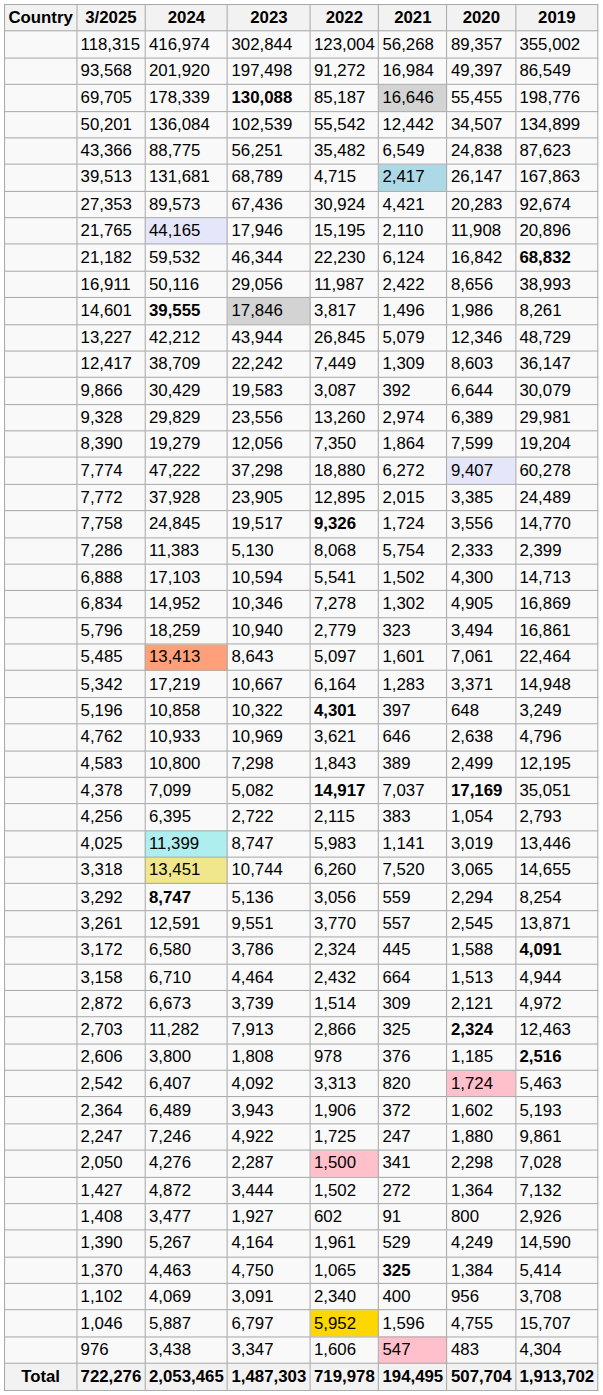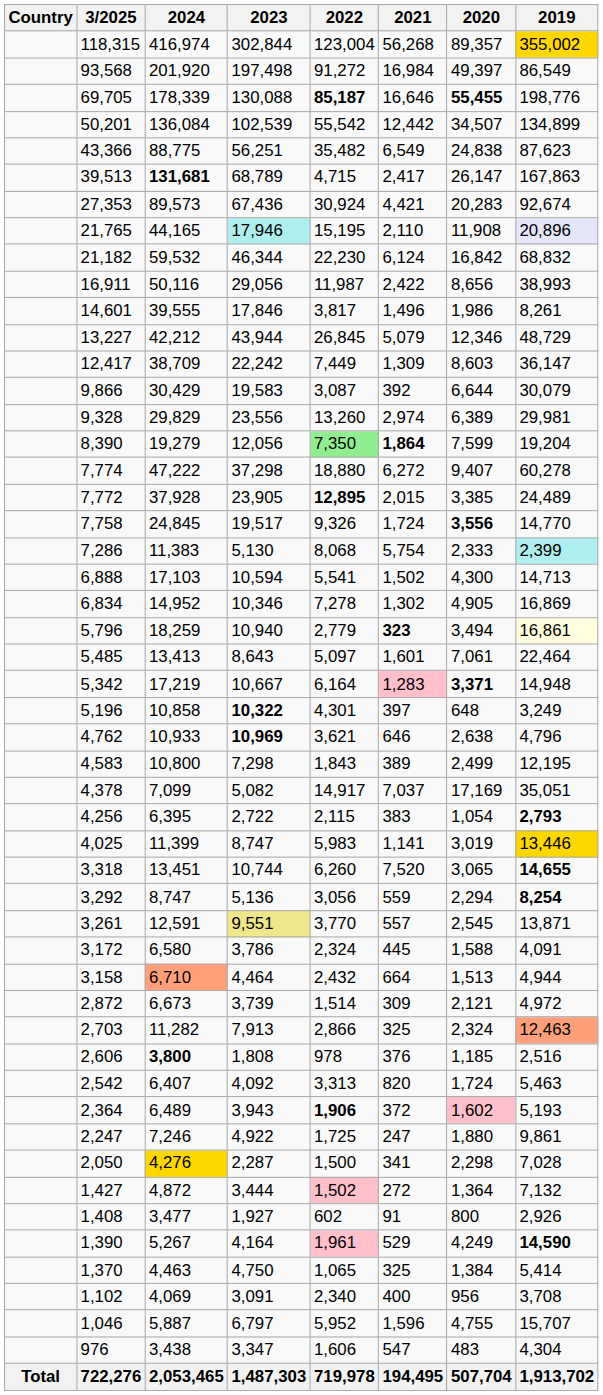 <table class="wikitable sortable static-row-numbers static-row-header-text">
 <tr>
 <th>Country</th>
 <th>3/2025</th>
 <th>2024</th>
 <th>2023</th>
 <th>2022</th>
 <th>2021</th>
 <th>2020</th>
 <th>2019</th>
 </tr>
 <tr>
 <td></td>
 <td>118,315</td>
 <td>416,974</td>
 <td>302,844</td>
 <td>123,004</td>
 <td>56,268</td>
 <td>89,357</td>
-<td>355,002</td>
+<td style="background: gold;">355,002</td>
 </tr>
 <tr>
 <td></td>
 <td>93,568</td>
 <td>201,920</td>
 <td>197,498</td>
 <td>91,272</td>
 <td>16,984</td>
 <td>49,397</td>
 <td>86,549</td>
 </tr>
 <tr>
 <td></td>
 <td>69,705</td>
 <td>178,339</td>
-<td><strong>130,088</strong></td>
-<td>85,187</td>
-<td style="background: lightgrey;">16,646</td>
-<td>55,455</td>
+<td>130,088</td>
+<td><strong>85,187</strong></td>
+<td>16,646</td>
+<td><strong>55,455</strong></td>
 <td>198,776</td>
 </tr>
 <tr>
 <td></td>
 <td>50,201</td>
 <td>136,084</td>
 <td>102,539</td>
 <td>55,542</td>
 <td>12,442</td>
 <td>34,507</td>
 <td>134,899</td>
 </tr>
 <tr>
 <td></td>
 <td>43,366</td>
 <td>88,775</td>
 <td>56,251</td>
 <td>35,482</td>
 <td>6,549</td>
 <td>24,838</td>
 <td>87,623</td>
 </tr>
 <tr>
 <td></td>
 <td>39,513</td>
-<td>131,681</td>
+<td><strong>131,681</strong></td>
 <td>68,789</td>
 <td>4,715</td>
-<td style="background: lightblue;">2,417</td>
+<td>2,417</td>
 <td>26,147</td>
 <td>167,863</td>
 </tr>
 <tr>
 <td></td>
 <td>27,353</td>
 <td>89,573</td>
 <td>67,436</td>
 <td>30,924</td>
 <td>4,421</td>
 <td>20,283</td>
 <td>92,674</td>
 </tr>
 <tr>
 <td></td>
 <td>21,765</td>
-<td style="background: lavender;">44,165</td>
-<td>17,946</td>
+<td>44,165</td>
+<td style="background: paleturquoise;">17,946</td>
 <td>15,195</td>
 <td>2,110</td>
 <td>11,908</td>
-<td>20,896</td>
+<td style="background: lavender;">20,896</td>
 </tr>
 <tr>
 <td></td>
 <td>21,182</td>
 <td>59,532</td>
 <td>46,344</td>
 <td>22,230</td>
 <td>6,124</td>
 <td>16,842</td>
-<td><strong>68,832</strong></td>
+<td>68,832</td>
 </tr>
 <tr>
 <td></td>
 <td>16,911</td>
 <td>50,116</td>
 <td>29,056</td>
 <td>11,987</td>
 <td>2,422</td>
 <td>8,656</td>
 <td>38,993</td>
 </tr>
 <tr>
 <td></td>
 <td>14,601</td>
-<td><strong>39,555</strong></td>
-<td style="background: lightgrey;">17,846</td>
+<td>39,555</td>
+<td>17,846</td>
 <td>3,817</td>
 <td>1,496</td>
 <td>1,986</td>
 <td>8,261</td>
 </tr>
 <tr>
 <td></td>
 <td>13,227</td>
 <td>42,212</td>
 <td>43,944</td>
 <td>26,845</td>
 <td>5,079</td>
 <td>12,346</td>
 <td>48,729</td>
 </tr>
 <tr>
 <td></td>
 <td>12,417</td>
 <td>38,709</td>
 <td>22,242</td>
 <td>7,449</td>
 <td>1,309</td>
 <td>8,603</td>
 <td>36,147</td>
 </tr>
 <tr>
 <td></td>
 <td>9,866</td>
 <td>30,429</td>
 <td>19,583</td>
 <td>3,087</td>
 <td>392</td>
 <td>6,644</td>
 <td>30,079</td>
 </tr>
 <tr>
 <td></td>
 <td>9,328</td>
 <td>29,829</td>
 <td>23,556</td>
 <td>13,260</td>
 <td>2,974</td>
 <td>6,389</td>
 <td>29,981</td>
 </tr>
 <tr>
 <td></td>
 <td>8,390</td>
 <td>19,279</td>
 <td>12,056</td>
-<td>7,350</td>
-<td>1,864</td>
+<td style="background: lightgreen;">7,350</td>
+<td><strong>1,864</strong></td>
 <td>7,599</td>
 <td>19,204</td>
 </tr>
 <tr>
 <td></td>
 <td>7,774</td>
 <td>47,222</td>
 <td>37,298</td>
 <td>18,880</td>
 <td>6,272</td>
-<td style="background: lavender;">9,407</td>
+<td>9,407</td>
 <td>60,278</td>
 </tr>
 <tr>
 <td></td>
 <td>7,772</td>
 <td>37,928</td>
 <td>23,905</td>
-<td>12,895</td>
+<td><strong>12,895</strong></td>
 <td>2,015</td>
 <td>3,385</td>
 <td>24,489</td>
 </tr>
 <tr>
 <td></td>
 <td>7,758</td>
 <td>24,845</td>
 <td>19,517</td>
-<td><strong>9,326</strong></td>
+<td>9,326</td>
 <td>1,724</td>
-<td>3,556</td>
+<td><strong>3,556</strong></td>
 <td>14,770</td>
 </tr>
 <tr>
 <td></td>
 <td>7,286</td>
 <td>11,383</td>
 <td>5,130</td>
 <td>8,068</td>
 <td>5,754</td>
 <td>2,333</td>
-<td>2,399</td>
+<td style="background: paleturquoise;">2,399</td>
 </tr>
 <tr>
 <td></td>
 <td>6,888</td>
 <td>17,103</td>
 <td>10,594</td>
 <td>5,541</td>
 <td>1,502</td>
 <td>4,300</td>
 <td>14,713</td>
 </tr>
 <tr>
 <td></td>
 <td>6,834</td>
 <td>14,952</td>
 <td>10,346</td>
 <td>7,278</td>
 <td>1,302</td>
 <td>4,905</td>
 <td>16,869</td>
 </tr>
 <tr>
 <td></td>
 <td>5,796</td>
 <td>18,259</td>
 <td>10,940</td>
 <td>2,779</td>
-<td>323</td>
+<td><strong>323</strong></td>
 <td>3,494</td>
-<td>16,861</td>
+<td style="background: lightyellow;">16,861</td>
 </tr>
 <tr>
 <td></td>
 <td>5,485</td>
-<td style="background: lightsalmon;">13,413</td>
+<td>13,413</td>
 <td>8,643</td>
 <td>5,097</td>
 <td>1,601</td>
 <td>7,061</td>
 <td>22,464</td>
 </tr>
 <tr>
 <td></td>
 <td>5,342</td>
 <td>17,219</td>
 <td>10,667</td>
 <td>6,164</td>
-<td>1,283</td>
-<td>3,371</td>
+<td style="background: pink;">1,283</td>
+<td><strong>3,371</strong></td>
 <td>14,948</td>
 </tr>
 <tr>
 <td></td>
 <td>5,196</td>
 <td>10,858</td>
-<td>10,322</td>
-<td><strong>4,301</strong></td>
+<td><strong>10,322</strong></td>
+<td>4,301</td>
 <td>397</td>
 <td>648</td>
 <td>3,249</td>
 </tr>
 <tr>
 <td></td>
 <td>4,762</td>
 <td>10,933</td>
-<td>10,969</td>
+<td><strong>10,969</strong></td>
 <td>3,621</td>
 <td>646</td>
 <td>2,638</td>
 <td>4,796</td>
 </tr>
 <tr>
 <td></td>
 <td>4,583</td>
 <td>10,800</td>
 <td>7,298</td>
 <td>1,843</td>
 <td>389</td>
 <td>2,499</td>
 <td>12,195</td>
 </tr>
 <tr>
 <td></td>
 <td>4,378</td>
 <td>7,099</td>
 <td>5,082</td>
-<td><strong>14,917</strong></td>
+<td>14,917</td>
 <td>7,037</td>
-<td><strong>17,169</strong></td>
+<td>17,169</td>
 <td>35,051</td>
 </tr>
 <tr>
 <td></td>
 <td>4,256</td>
 <td>6,395</td>
 <td>2,722</td>
 <td>2,115</td>
 <td>383</td>
 <td>1,054</td>
-<td>2,793</td>
+<td><strong>2,793</strong></td>
 </tr>
 <tr>
 <td></td>
 <td>4,025</td>
-<td style="background: paleturquoise;">11,399</td>
+<td>11,399</td>
 <td>8,747</td>
 <td>5,983</td>
 <td>1,141</td>
 <td>3,019</td>
-<td>13,446</td>
+<td style="background: gold;">13,446</td>
 </tr>
 <tr>
 <td></td>
 <td>3,318</td>
-<td style="background: khaki;">13,451</td>
+<td>13,451</td>
 <td>10,744</td>
 <td>6,260</td>
 <td>7,520</td>
 <td>3,065</td>
-<td>14,655</td>
+<td><strong>14,655</strong></td>
 </tr>
 <tr>
 <td></td>
 <td>3,292</td>
-<td><strong>8,747</strong></td>
+<td>8,747</td>
 <td>5,136</td>
 <td>3,056</td>
 <td>559</td>
 <td>2,294</td>
-<td>8,254</td>
+<td><strong>8,254</strong></td>
 </tr>
 <tr>
 <td></td>
 <td>3,261</td>
 <td>12,591</td>
-<td>9,551</td>
+<td style="background: khaki;">9,551</td>
 <td>3,770</td>
 <td>557</td>
 <td>2,545</td>
 <td>13,871</td>
 </tr>
 <tr>
 <td></td>
 <td>3,172</td>
 <td>6,580</td>
 <td>3,786</td>
 <td>2,324</td>
 <td>445</td>
 <td>1,588</td>
-<td><strong>4,091</strong></td>
+<td>4,091</td>
 </tr>
 <tr>
 <td></td>
 <td>3,158</td>
-<td>6,710</td>
+<td style="background: lightsalmon;">6,710</td>
 <td>4,464</td>
 <td>2,432</td>
 <td>664</td>
 <td>1,513</td>
 <td>4,944</td>
 </tr>
 <tr>
 <td></td>
 <td>2,872</td>
 <td>6,673</td>
 <td>3,739</td>
 <td>1,514</td>
 <td>309</td>
 <td>2,121</td>
 <td>4,972</td>
 </tr>
 <tr>
 <td></td>
 <td>2,703</td>
 <td>11,282</td>
 <td>7,913</td>
 <td>2,866</td>
 <td>325</td>
-<td><strong>2,324</strong></td>
-<td>12,463</td>
+<td>2,324</td>
+<td style="background: lightsalmon;">12,463</td>
 </tr>
 <tr>
 <td></td>
 <td>2,606</td>
-<td>3,800</td>
+<td><strong>3,800</strong></td>
 <td>1,808</td>
 <td>978</td>
 <td>376</td>
 <td>1,185</td>
-<td><strong>2,516</strong></td>
+<td>2,516</td>
 </tr>
 <tr>
 <td></td>
 <td>2,542</td>
 <td>6,407</td>
 <td>4,092</td>
 <td>3,313</td>
 <td>820</td>
-<td style="background: pink;">1,724</td>
+<td>1,724</td>
 <td>5,463</td>
 </tr>
 <tr>
 <td></td>
 <td>2,364</td>
 <td>6,489</td>
 <td>3,943</td>
-<td>1,906</td>
+<td><strong>1,906</strong></td>
 <td>372</td>
-<td>1,602</td>
+<td style="background: pink;">1,602</td>
 <td>5,193</td>
 </tr>
 <tr>
 <td></td>
 <td>2,247</td>
 <td>7,246</td>
 <td>4,922</td>
 <td>1,725</td>
 <td>247</td>
 <td>1,880</td>
 <td>9,861</td>
 </tr>
 <tr>
 <td></td>
 <td>2,050</td>
-<td>4,276</td>
+<td style="background: gold;">4,276</td>
 <td>2,287</td>
-<td style="background: pink;">1,500</td>
+<td>1,500</td>
 <td>341</td>
 <td>2,298</td>
 <td>7,028</td>
 </tr>
 <tr>
 <td></td>
 <td>1,427</td>
 <td>4,872</td>
 <td>3,444</td>
-<td>1,502</td>
+<td style="background: pink;">1,502</td>
 <td>272</td>
 <td>1,364</td>
 <td>7,132</td>
 </tr>
 <tr>
 <td></td>
 <td>1,408</td>
 <td>3,477</td>
 <td>1,927</td>
 <td>602</td>
 <td>91</td>
 <td>800</td>
 <td>2,926</td>
 </tr>
 <tr>
 <td></td>
 <td>1,390</td>
 <td>5,267</td>
 <td>4,164</td>
-<td>1,961</td>
+<td style="background: pink;">1,961</td>
 <td>529</td>
 <td>4,249</td>
-<td>14,590</td>
+<td><strong>14,590</strong></td>
 </tr>
 <tr>
 <td></td>
 <td>1,370</td>
 <td>4,463</td>
 <td>4,750</td>
 <td>1,065</td>
-<td><strong>325</strong></td>
+<td>325</td>
 <td>1,384</td>
 <td>5,414</td>
 </tr>
 <tr>
 <td></td>
 <td>1,102</td>
 <td>4,069</td>
 <td>3,091</td>
 <td>2,340</td>
 <td>400</td>
 <td>956</td>
 <td>3,708</td>
 </tr>
 <tr>
 <td></td>
 <td>1,046</td>
 <td>5,887</td>
 <td>6,797</td>
-<td style="background: gold;">5,952</td>
+<td>5,952</td>
 <td>1,596</td>
 <td>4,755</td>
 <td>15,707</td>
 </tr>
 <tr>
 <td></td>
 <td>976</td>
 <td>3,438</td>
 <td>3,347</td>
 <td>1,606</td>
-<td style="background: pink;">547</td>
+<td>547</td>
 <td>483</td>
 <td>4,304</td>
 </tr>
 <tr>
 <th>Total</th>
 <th>722,276</th>
 <th>2,053,465</th>
 <th>1,487,303</th>
 <th>719,978</th>
 <th>194,495</th>
 <th>507,704</th>
 <th>1,913,702</th>
 </tr>
 </table>
